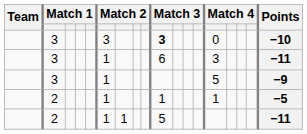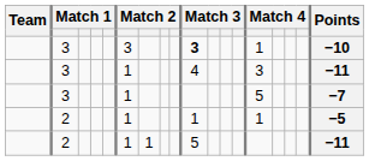 <table class="wikitable sortable" style="text-align:center;">
 <tr>
 <th rowspan=2>Team</th>
 <th colspan=4 style="border-left:3px solid gray">Match 1</th>
 <th colspan=4 style="border-left:3px solid gray">Match 2</th>
 <th colspan=4 style="border-left:3px solid gray">Match 3</th>
 <th colspan=4 style="border-left:3px solid gray">Match 4</th>
 <th rowspan=2 style="border-left:3px solid gray">Points</th>
 </tr>
 <tr>
 <th style="border-left:3px solid gray"></th>
 <th></th>
 <th></th>
 <th></th>
 <th style="border-left:3px solid gray"></th>
 <th></th>
 <th></th>
 <th></th>
 <th style="border-left:3px solid gray"></th>
 <th></th>
 <th></th>
 <th></th>
 <th style="border-left:3px solid gray"></th>
 <th></th>
 <th></th>
 <th></th>
 </tr>
 <tr>
 <td align=left></td>
 <td style="border-left:3px solid gray">3</td>
 <td></td>
 <td></td>
 <td></td>
 <td style="border-left:3px solid gray">3</td>
 <td></td>
 <td></td>
 <td></td>
 <td style="border-left:3px solid gray"><strong>3</strong></td>
 <td></td>
 <td></td>
 <td></td>
-<td style="border-left:3px solid gray">0</td>
+<td style="border-left:3px solid gray">1</td>
 <td></td>
 <td></td>
 <td></td>
 <th style="border-left:3px solid gray">−10</th>
 </tr>
 <tr>
 <td align=left></td>
 <td style="border-left:3px solid gray">3</td>
 <td></td>
 <td></td>
 <td></td>
 <td style="border-left:3px solid gray">1</td>
 <td></td>
 <td></td>
 <td></td>
-<td style="border-left:3px solid gray">6</td>
+<td style="border-left:3px solid gray">4</td>
 <td></td>
 <td></td>
 <td></td>
 <td style="border-left:3px solid gray">3</td>
 <td></td>
 <td></td>
 <td></td>
 <th style="border-left:3px solid gray">−11</th>
 </tr>
 <tr>
 <td align=left></td>
 <td style="border-left:3px solid gray">3</td>
 <td></td>
 <td></td>
 <td></td>
 <td style="border-left:3px solid gray">1</td>
 <td></td>
 <td></td>
 <td></td>
 <td style="border-left:3px solid gray"></td>
 <td></td>
 <td></td>
 <td></td>
 <td style="border-left:3px solid gray">5</td>
 <td></td>
 <td></td>
 <td></td>
-<th style="border-left:3px solid gray">−9</th>
+<th style="border-left:3px solid gray">−7</th>
 </tr>
 <tr>
 <td align=left></td>
 <td style="border-left:3px solid gray">2</td>
 <td></td>
 <td></td>
 <td></td>
 <td style="border-left:3px solid gray">1</td>
 <td></td>
 <td></td>
 <td></td>
 <td style="border-left:3px solid gray">1</td>
 <td></td>
 <td></td>
 <td></td>
 <td style="border-left:3px solid gray">1</td>
 <td></td>
 <td></td>
 <td></td>
 <th style="border-left:3px solid gray">−5</th>
 </tr>
 <tr>
 <td align=left></td>
 <td style="border-left:3px solid gray">2</td>
 <td></td>
 <td></td>
 <td></td>
 <td style="border-left:3px solid gray">1</td>
 <td>1</td>
 <td></td>
 <td></td>
 <td style="border-left:3px solid gray">5</td>
 <td></td>
 <td></td>
 <td></td>
 <td style="border-left:3px solid gray"></td>
 <td></td>
 <td></td>
 <td></td>
 <th style="border-left:3px solid gray">−11</th>
 </tr>
 </table>
